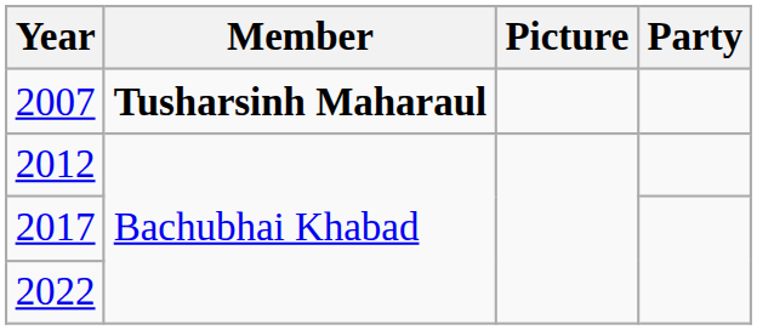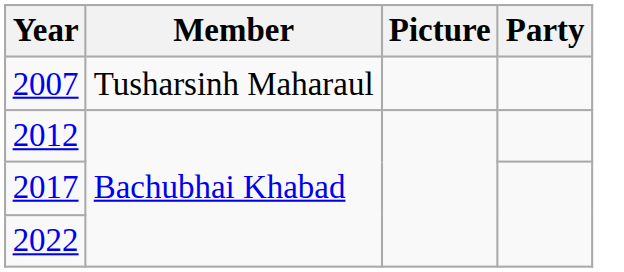 <table class="wikitable sortable">
 <tr>
 <th>Year</th>
 <th>Member</th>
 <th>Picture</th>
 <th colspan="2">Party</th>
 </tr>
 <tr>
 <td><a href='#'>2007</a></td>
-<td><strong>Tusharsinh Maharaul</strong></td>
+<td>Tusharsinh Maharaul</td>
 <td></td>
 <td></td>
 </tr>
 <tr>
 <td><a href='#'>2012</a></td>
 <td rowspan=3><a href='#'>Bachubhai Khabad</a></td>
 <td rowspan=3></td>
 <td></td>
 </tr>
 <tr>
 <td><a href='#'>2017</a></td>
 </tr>
 <tr>
 <td><a href='#'>2022</a></td>
 </tr>
 </table>
